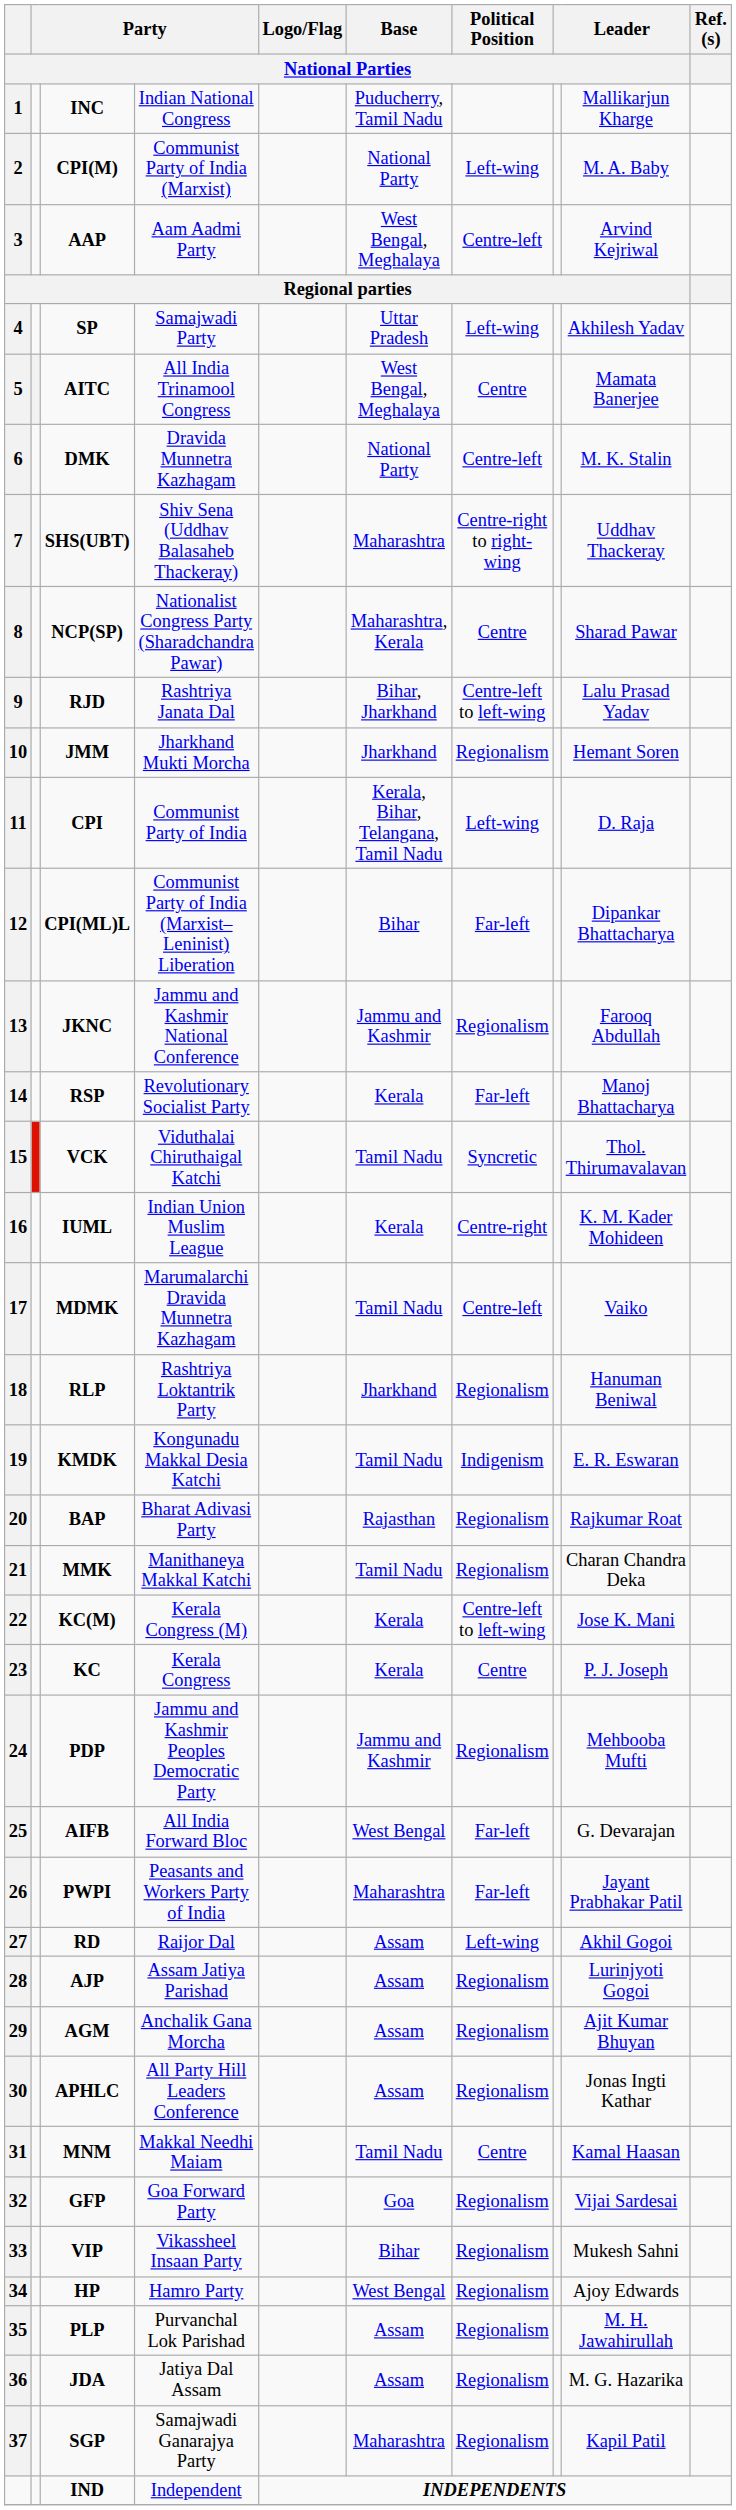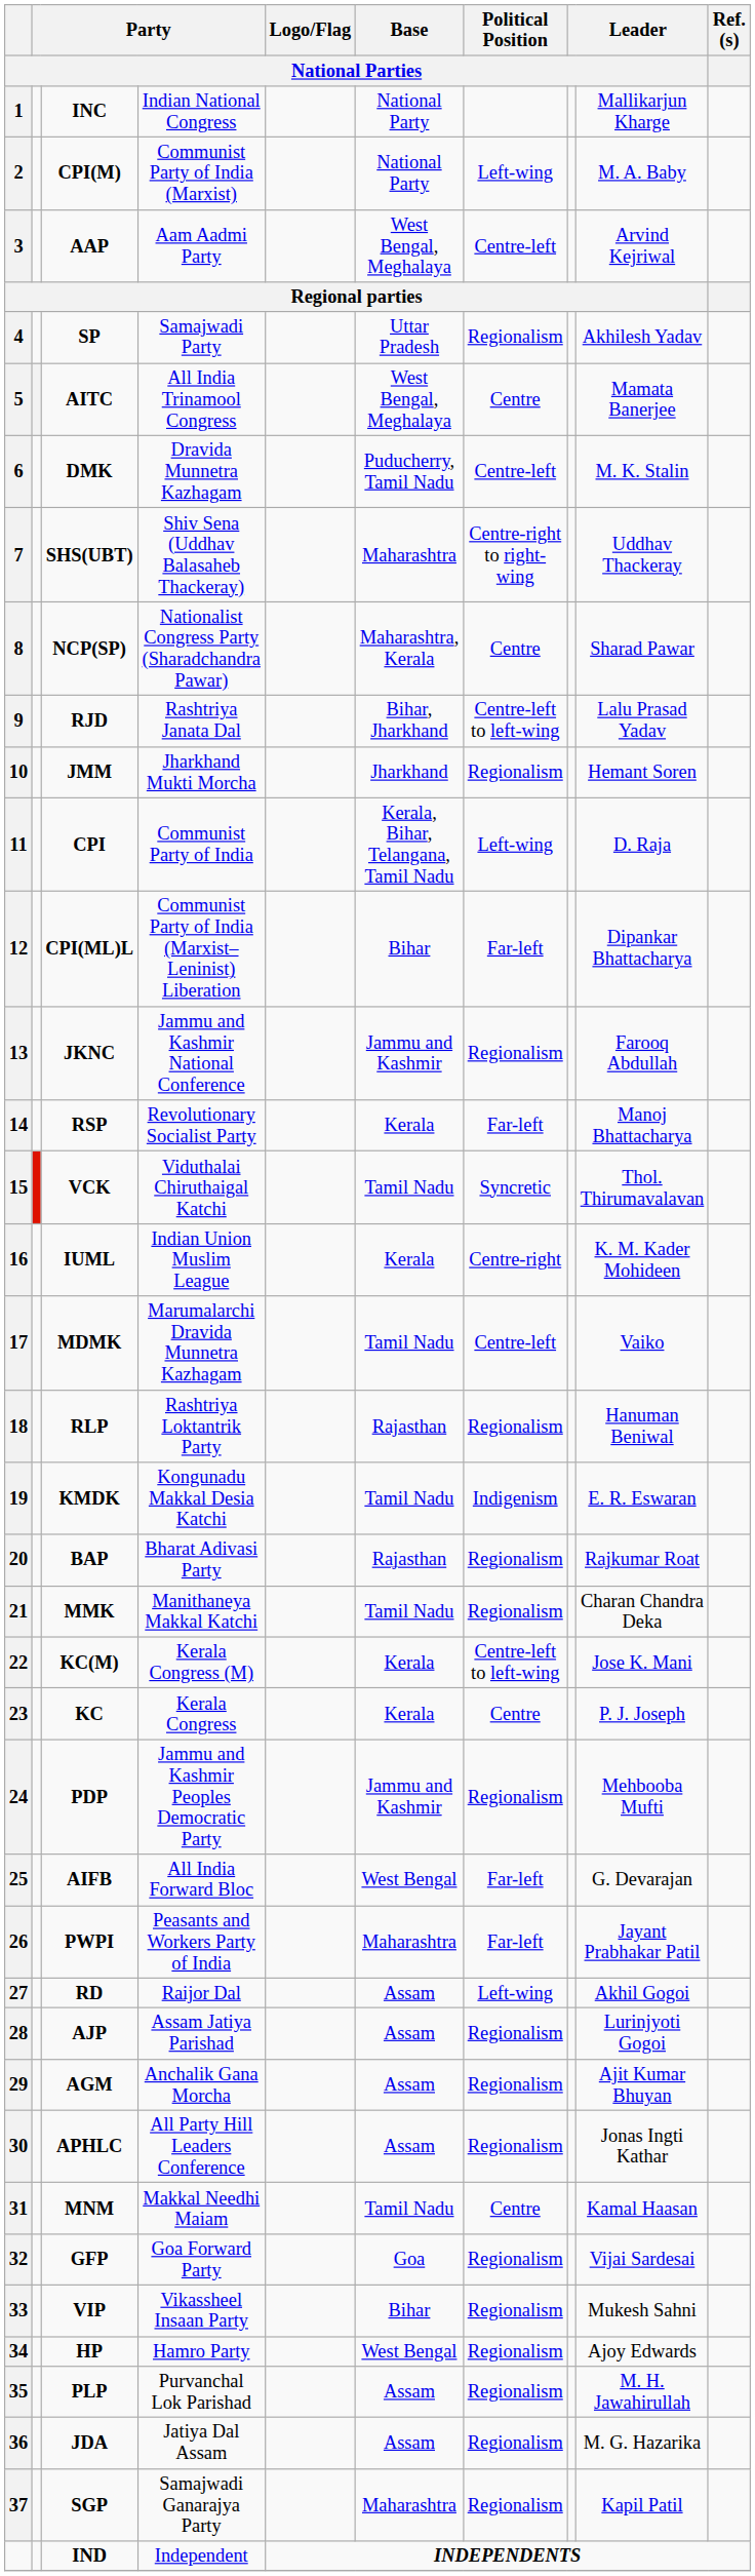 <table class="wikitable sortable" style="text-align:center; "width = 50%";>
 <tr>
 <th></th>
 <th colspan="3" style="width:30px;">Party</th>
 <th>Logo/Flag</th>
 <th>Base</th>
 <th>Political Position</th>
 <th colspan="2" style="width:30px;">Leader</th>
 <th>Ref.(s)</th>
 </tr>
 <tr>
 <th colspan="9"><a href='#'><strong>National Parties</strong></a></th>
 <th></th>
 </tr>
 <tr>
 <th>1</th>
 <td></td>
 <td><strong>INC</strong></td>
 <td><a href='#'>Indian National Congress</a></td>
 <td></td>
-<td style="text-align:center;"><a href='#'>Puducherry</a>, <a href='#'>Tamil Nadu</a></td>
+<td style="text-align:center;"><a href='#'>National Party</a></td>
 <td></td>
 <td></td>
 <td><a href='#'>Mallikarjun Kharge</a></td>
 <td></td>
 </tr>
 <tr>
 <th>2</th>
 <td></td>
 <td><strong>CPI(M)</strong></td>
 <td><a href='#'>Communist Party of India (Marxist)</a></td>
 <td></td>
 <td style="text-align: center;"><a href='#'>National Party</a></td>
 <td><a href='#'>Left-wing</a></td>
 <td></td>
 <td><a href='#'>M. A. Baby</a></td>
 <td></td>
 </tr>
 <tr>
 <th>3</th>
 <td></td>
 <td><strong>AAP</strong></td>
 <td><a href='#'>Aam Aadmi Party</a></td>
 <td></td>
 <td style="text-align: center;"><a href='#'>West Bengal</a>, <a href='#'>Meghalaya</a></td>
 <td><a href='#'>Centre-left</a></td>
 <td></td>
 <td><a href='#'>Arvind Kejriwal</a></td>
 <td></td>
 </tr>
 <tr>
 <th colspan="9">Regional parties</th>
 <th></th>
 </tr>
 <tr>
 <th>4</th>
 <td style="background-color:"></td>
 <td><strong>SP</strong></td>
 <td><a href='#'>Samajwadi Party</a></td>
 <td></td>
 <td style="text-align: center;"><a href='#'>Uttar Pradesh</a></td>
-<td><a href='#'>Left-wing</a></td>
+<td><a href='#'>Regionalism</a></td>
 <td></td>
 <td><a href='#'>Akhilesh Yadav</a></td>
 <td></td>
 </tr>
 <tr>
 <th>5</th>
 <th></th>
 <td><strong>AITC</strong></td>
 <td><a href='#'>All India Trinamool Congress</a></td>
 <td></td>
 <td style="text-align: center;"><a href='#'>West Bengal</a>, <a href='#'>Meghalaya</a></td>
 <td><a href='#'>Centre</a></td>
 <td></td>
 <td><a href='#'>Mamata Banerjee</a></td>
 <td></td>
 </tr>
 <tr>
 <th>6</th>
 <td style="background-color:"></td>
 <td><strong>DMK</strong></td>
 <td><a href='#'>Dravida Munnetra Kazhagam</a></td>
 <td></td>
-<td style="text-align:center;"><a href='#'>National Party</a></td>
+<td style="text-align:center;"><a href='#'>Puducherry</a>, <a href='#'>Tamil Nadu</a></td>
 <td><a href='#'>Centre-left</a></td>
 <td></td>
 <td><a href='#'>M. K. Stalin</a></td>
 <td></td>
 </tr>
 <tr>
 <th>7</th>
 <td style="background-color:"></td>
 <td><strong>SHS(UBT)</strong></td>
 <td><a href='#'>Shiv Sena (Uddhav Balasaheb Thackeray)</a></td>
 <td></td>
 <td style="text-align: center;"><a href='#'>Maharashtra</a></td>
 <td><a href='#'>Centre-right</a> to <a href='#'>right-wing</a></td>
 <td></td>
 <td><a href='#'>Uddhav Thackeray</a></td>
 <td></td>
 </tr>
 <tr>
 <th>8</th>
 <td style="background-color:"></td>
 <td><strong>NCP(SP)</strong></td>
 <td><a href='#'>Nationalist Congress Party (Sharadchandra Pawar)</a></td>
 <td></td>
 <td style="text-align: center;"><a href='#'>Maharashtra</a>, <a href='#'>Kerala</a></td>
 <td><a href='#'>Centre</a></td>
 <td></td>
 <td><a href='#'>Sharad Pawar</a></td>
 <td></td>
 </tr>
 <tr>
 <th>9</th>
 <td style="background-color:"></td>
 <td><strong>RJD</strong></td>
 <td><a href='#'>Rashtriya Janata Dal</a></td>
 <td></td>
 <td style="text-align: center;"><a href='#'>Bihar</a>, <a href='#'>Jharkhand</a></td>
 <td><a href='#'>Centre-left</a> to <a href='#'>left-wing</a></td>
 <td></td>
 <td><a href='#'>Lalu Prasad Yadav</a></td>
 <td></td>
 </tr>
 <tr>
 <th>10</th>
 <td style="background:"></td>
 <td><strong>JMM</strong></td>
 <td><a href='#'>Jharkhand Mukti Morcha</a></td>
 <td></td>
 <td style="text-align: center;"><a href='#'>Jharkhand</a></td>
 <td><a href='#'>Regionalism</a></td>
 <td></td>
 <td><a href='#'>Hemant Soren</a></td>
 <td></td>
 </tr>
 <tr>
 <th>11</th>
 <td></td>
 <td><strong>CPI</strong></td>
 <td><a href='#'>Communist Party of India</a></td>
 <td></td>
 <td style="text-align: center;"><a href='#'>Kerala</a>, <a href='#'>Bihar</a>, <a href='#'>Telangana</a>, <a href='#'>Tamil Nadu</a></td>
 <td><a href='#'>Left-wing</a></td>
 <td></td>
 <td><a href='#'>D. Raja</a></td>
 <td></td>
 </tr>
 <tr>
 <th>12</th>
 <td style="background-color:"></td>
 <td><strong>CPI(ML)L</strong></td>
 <td><a href='#'>Communist Party of India (Marxist–Leninist) Liberation</a></td>
 <td></td>
 <td style="text-align: center;"><a href='#'>Bihar</a></td>
 <td><a href='#'>Far-left</a></td>
 <td></td>
 <td><a href='#'>Dipankar Bhattacharya</a></td>
 <td></td>
 </tr>
 <tr>
 <th>13</th>
 <td style="background:"></td>
 <td><strong>JKNC</strong></td>
 <td><a href='#'>Jammu and Kashmir National Conference</a></td>
 <td></td>
 <td style="text-align: center;"><a href='#'>Jammu and Kashmir</a></td>
 <td><a href='#'>Regionalism</a></td>
 <td></td>
 <td><a href='#'>Farooq Abdullah</a></td>
 <td></td>
 </tr>
 <tr>
 <th>14</th>
 <td style="background-color:"></td>
 <td><strong>RSP</strong></td>
 <td><a href='#'>Revolutionary Socialist Party</a></td>
 <td></td>
 <td style="text-align: center;"><a href='#'>Kerala</a></td>
 <td><a href='#'>Far-left</a></td>
 <td></td>
 <td><a href='#'>Manoj Bhattacharya</a></td>
 <td></td>
 </tr>
 <tr>
 <th>15</th>
 <td style="background:#d10; text-align:center; color:white;"></td>
 <td><strong>VCK</strong></td>
 <td><a href='#'>Viduthalai Chiruthaigal Katchi</a></td>
 <td></td>
 <td style="text-align: center;"><a href='#'>Tamil Nadu</a></td>
 <td><a href='#'>Syncretic</a></td>
 <td></td>
 <td><a href='#'>Thol. Thirumavalavan</a></td>
 <td></td>
 </tr>
 <tr>
 <th>16</th>
 <td style="background-color:"></td>
 <td><strong>IUML</strong></td>
 <td><a href='#'>Indian Union Muslim League</a></td>
 <td></td>
 <td style="text-align: center;"><a href='#'>Kerala</a></td>
 <td><a href='#'>Centre-right</a></td>
 <td></td>
 <td><a href='#'>K. M. Kader Mohideen</a></td>
 <td></td>
 </tr>
 <tr>
 <th>17</th>
 <td style="background-color:"></td>
 <td><strong>MDMK</strong></td>
 <td><a href='#'>Marumalarchi Dravida Munnetra Kazhagam</a></td>
 <td></td>
 <td style="text-align: center;"><a href='#'>Tamil Nadu</a></td>
 <td><a href='#'>Centre-left</a></td>
 <td></td>
 <td><a href='#'>Vaiko</a></td>
 <td></td>
 </tr>
 <tr>
 <th>18</th>
 <td></td>
 <td><strong>RLP</strong></td>
 <td><a href='#'>Rashtriya Loktantrik Party</a></td>
 <td></td>
-<td style="text-align: center;"><a href='#'>Jharkhand</a></td>
+<td><a href='#'>Rajasthan</a></td>
 <td><a href='#'>Regionalism</a></td>
 <td></td>
 <td><a href='#'>Hanuman Beniwal</a></td>
 <td></td>
 </tr>
 <tr>
 <th>19</th>
 <td style="background-color:"></td>
 <td><strong>KMDK</strong></td>
 <td><a href='#'>Kongunadu Makkal Desia Katchi</a></td>
 <td></td>
 <td style="text-align: center;"><a href='#'>Tamil Nadu</a></td>
 <td><a href='#'>Indigenism</a></td>
 <td></td>
 <td><a href='#'>E. R. Eswaran</a></td>
 <td></td>
 </tr>
 <tr>
 <th>20</th>
 <td></td>
 <td><strong>BAP</strong></td>
 <td><a href='#'>Bharat Adivasi Party</a></td>
 <td></td>
 <td><a href='#'>Rajasthan</a></td>
 <td><a href='#'>Regionalism</a></td>
 <td></td>
 <td><a href='#'>Rajkumar Roat</a></td>
 <td></td>
 </tr>
 <tr>
 <th>21</th>
 <td style="background-color:"></td>
 <td><strong>MMK</strong></td>
 <td><a href='#'>Manithaneya Makkal Katchi</a></td>
 <td></td>
 <td style="text-align: center;"><a href='#'>Tamil Nadu</a></td>
 <td><a href='#'>Regionalism</a></td>
 <td></td>
 <td>Charan Chandra Deka</td>
 <td></td>
 </tr>
 <tr>
 <th>22</th>
 <td style="background-color:"></td>
 <td><strong>KC(M)</strong></td>
 <td><a href='#'>Kerala Congress (M)</a></td>
 <td></td>
 <td style="text-align: center;"><a href='#'>Kerala</a></td>
 <td><a href='#'>Centre-left</a> to <a href='#'>left-wing</a></td>
 <td></td>
 <td><a href='#'>Jose K. Mani</a></td>
 <td></td>
 </tr>
 <tr>
 <th>23</th>
 <td style="background-color:"></td>
 <td><strong>KC</strong></td>
 <td><a href='#'>Kerala Congress</a></td>
 <td></td>
 <td style="text-align: center;"><a href='#'>Kerala</a></td>
 <td><a href='#'>Centre</a></td>
 <td></td>
 <td><a href='#'>P. J. Joseph</a></td>
 <td></td>
 </tr>
 <tr>
 <th>24</th>
 <td style="background:"></td>
 <td><strong>PDP</strong></td>
 <td><a href='#'>Jammu and Kashmir Peoples Democratic Party</a></td>
 <td></td>
 <td style="text-align: center;"><a href='#'>Jammu and Kashmir</a></td>
 <td><a href='#'>Regionalism</a></td>
 <td></td>
 <td><a href='#'>Mehbooba Mufti</a></td>
 <td></td>
 </tr>
 <tr>
 <th>25</th>
 <td style="background-color:"></td>
 <td><strong>AIFB</strong></td>
 <td><a href='#'>All India Forward Bloc</a></td>
 <td></td>
 <td style="text-align: center;"><a href='#'>West Bengal</a></td>
 <td><a href='#'>Far-left</a></td>
 <td></td>
 <td>G. Devarajan</td>
 <td></td>
 </tr>
 <tr>
 <th>26</th>
 <td style="background-color:"></td>
 <td><strong>PWPI</strong></td>
 <td><a href='#'>Peasants and Workers Party of India</a></td>
 <td></td>
 <td style="text-align: center;"><a href='#'>Maharashtra</a></td>
 <td><a href='#'>Far-left</a></td>
 <td></td>
 <td><a href='#'>Jayant Prabhakar Patil</a></td>
 <td></td>
 </tr>
 <tr>
 <th>27</th>
 <td></td>
 <td><strong>RD</strong></td>
 <td><a href='#'>Raijor Dal</a></td>
 <td></td>
 <td><a href='#'>Assam</a></td>
 <td><a href='#'>Left-wing</a></td>
 <td></td>
 <td><a href='#'>Akhil Gogoi</a></td>
 <td></td>
 </tr>
 <tr>
 <th>28</th>
 <td></td>
 <td><strong>AJP</strong></td>
 <td><a href='#'>Assam Jatiya Parishad</a></td>
 <td></td>
 <td><a href='#'>Assam</a></td>
 <td><a href='#'>Regionalism</a></td>
 <td></td>
 <td><a href='#'>Lurinjyoti Gogoi</a></td>
 <td></td>
 </tr>
 <tr>
 <th>29</th>
 <td></td>
 <td><strong>AGM</strong></td>
 <td><a href='#'>Anchalik Gana Morcha</a></td>
 <td></td>
 <td><a href='#'>Assam</a></td>
 <td><a href='#'>Regionalism</a></td>
 <td></td>
 <td><a href='#'>Ajit Kumar Bhuyan</a></td>
 <td></td>
 </tr>
 <tr>
 <th>30</th>
 <td></td>
 <td><strong>APHLC</strong></td>
 <td><a href='#'>All Party Hill Leaders Conference</a></td>
 <td></td>
 <td><a href='#'>Assam</a></td>
 <td><a href='#'>Regionalism</a></td>
 <td></td>
 <td>Jonas Ingti Kathar</td>
 <td></td>
 </tr>
 <tr>
 <th>31</th>
 <td></td>
 <td><strong>MNM </strong></td>
 <td><a href='#'>Makkal Needhi Maiam</a></td>
 <td></td>
 <td><a href='#'>Tamil Nadu</a></td>
 <td><a href='#'>Centre</a></td>
 <td></td>
 <td><a href='#'>Kamal Haasan</a></td>
 <td></td>
 </tr>
 <tr>
 <th>32</th>
 <td></td>
 <td><strong>GFP</strong></td>
 <td><a href='#'>Goa Forward Party</a></td>
 <td></td>
 <td><a href='#'>Goa</a></td>
 <td><a href='#'>Regionalism</a></td>
 <td></td>
 <td><a href='#'>Vijai Sardesai</a></td>
 <td></td>
 </tr>
 <tr>
 <th>33</th>
 <td></td>
 <td><strong>VIP</strong></td>
 <td><a href='#'>Vikassheel Insaan Party</a></td>
 <td></td>
 <td><a href='#'>Bihar</a></td>
 <td><a href='#'>Regionalism</a></td>
 <td></td>
 <td>Mukesh Sahni</td>
 <td></td>
 </tr>
 <tr>
 <th>34</th>
 <td></td>
 <td><strong>HP</strong></td>
 <td><a href='#'>Hamro Party</a></td>
 <td></td>
 <td><a href='#'>West Bengal</a></td>
 <td><a href='#'>Regionalism</a></td>
 <td></td>
 <td>Ajoy Edwards</td>
 <td></td>
 </tr>
 <tr>
 <th>35</th>
 <td></td>
 <td><strong>PLP</strong></td>
 <td>Purvanchal Lok Parishad</td>
 <td></td>
 <td><a href='#'>Assam</a></td>
 <td><a href='#'>Regionalism</a></td>
 <td></td>
 <td><a href='#'>M. H. Jawahirullah</a></td>
 <td></td>
 </tr>
 <tr>
 <th>36</th>
 <td></td>
 <td><strong>JDA</strong></td>
 <td>Jatiya Dal Assam</td>
 <td></td>
 <td><a href='#'>Assam</a></td>
 <td><a href='#'>Regionalism</a></td>
 <td></td>
 <td>M. G. Hazarika</td>
 <td></td>
 </tr>
 <tr>
 <th>37</th>
 <td></td>
 <td><strong>SGP</strong></td>
 <td>Samajwadi Ganarajya Party</td>
 <td></td>
 <td><a href='#'>Maharashtra</a></td>
 <td><a href='#'>Regionalism</a></td>
 <td></td>
 <td><a href='#'>Kapil Patil</a></td>
 <td></td>
 </tr>
 <tr>
 <td></td>
 <td></td>
 <td><strong>IND</strong></td>
 <td><a href='#'>Independent</a></td>
 <td colspan="6"><strong><em>INDEPENDENTS</em></strong></td>
 </tr>
 <tr>
 </tr>
 </table>
